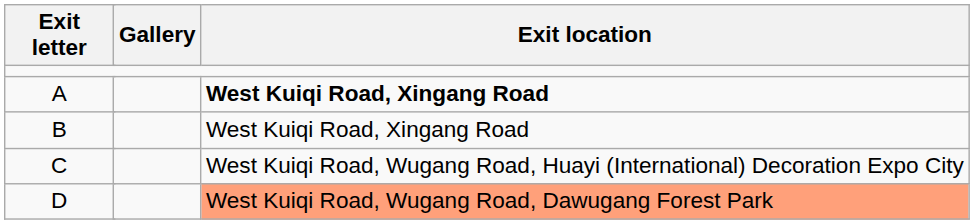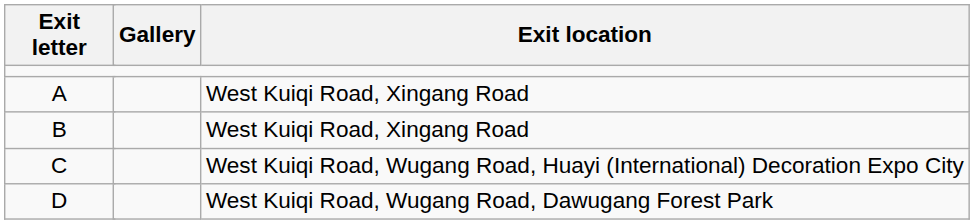 <table class="wikitable">
 <tr>
 <th colspan=2 style="width:70px">Exit letter</th>
 <th>Gallery</th>
 <th>Exit location</th>
 </tr>
 <tr style="background:#">
 <td colspan="4"></td>
 </tr>
 <tr>
 <td colspan=2 align=center>A</td>
 <td></td>
-<td><strong>West Kuiqi Road, Xingang Road</strong></td>
+<td>West Kuiqi Road, Xingang Road</td>
 </tr>
 <tr>
 <td colspan=2 align=center>B</td>
 <td></td>
 <td>West Kuiqi Road, Xingang Road</td>
 </tr>
 <tr>
 <td colspan=2 align=center>C</td>
 <td></td>
 <td>West Kuiqi Road, Wugang Road, Huayi (International) Decoration Expo City</td>
 </tr>
 <tr>
 <td colspan=2 align=center>D</td>
 <td></td>
-<td style="background: lightsalmon;">West Kuiqi Road, Wugang Road, Dawugang Forest Park</td>
+<td>West Kuiqi Road, Wugang Road, Dawugang Forest Park</td>
 </tr>
 </table>
